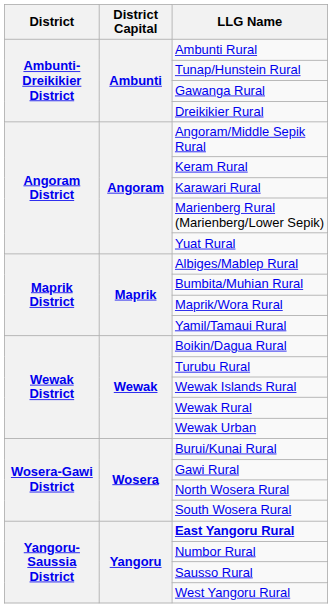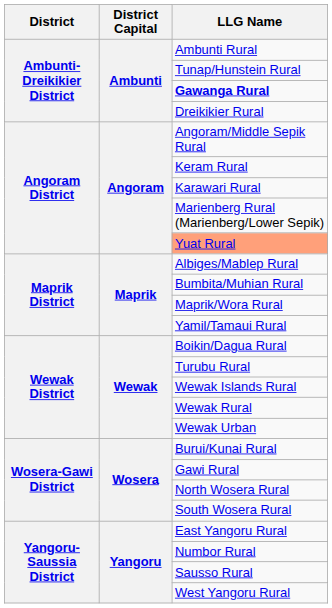 <table class="wikitable" style="text-align: left;" width="400">
 <tr>
 <th>District</th>
 <th>District Capital</th>
 <th>LLG Name</th>
 </tr>
 <tr>
 <th rowspan="4"><a href='#'>Ambunti-Dreikikier District</a></th>
 <th rowspan="4"><a href='#'>Ambunti</a></th>
 <td><a href='#'>Ambunti Rural</a></td>
 </tr>
 <tr>
 <td><a href='#'>Tunap/Hunstein Rural</a></td>
 </tr>
 <tr>
-<td><a href='#'>Gawanga Rural</a></td>
+<td><strong><a href='#'>Gawanga Rural</a></strong></td>
 </tr>
 <tr>
 <td><a href='#'>Dreikikier Rural</a></td>
 </tr>
 <tr>
 <th rowspan="5"><a href='#'>Angoram District</a></th>
 <th rowspan="5"><a href='#'>Angoram</a></th>
 <td><a href='#'>Angoram/Middle Sepik Rural</a></td>
 </tr>
 <tr>
 <td><a href='#'>Keram Rural</a></td>
 </tr>
 <tr>
 <td><a href='#'>Karawari Rural</a></td>
 </tr>
 <tr>
 <td><a href='#'>Marienberg Rural</a> (Marienberg/Lower Sepik)</td>
 </tr>
 <tr>
-<td><a href='#'>Yuat Rural</a></td>
+<td style="background: lightsalmon;"><a href='#'>Yuat Rural</a></td>
 </tr>
 <tr>
 <th rowspan="4"><a href='#'>Maprik District</a></th>
 <th rowspan="4"><a href='#'>Maprik</a></th>
 <td><a href='#'>Albiges/Mablep Rural</a></td>
 </tr>
 <tr>
 <td><a href='#'>Bumbita/Muhian Rural</a></td>
 </tr>
 <tr>
 <td><a href='#'>Maprik/Wora Rural</a></td>
 </tr>
 <tr>
 <td><a href='#'>Yamil/Tamaui Rural</a></td>
 </tr>
 <tr>
 <th rowspan="5"><a href='#'>Wewak District</a></th>
 <th rowspan="5"><a href='#'>Wewak</a></th>
 <td><a href='#'>Boikin/Dagua Rural</a></td>
 </tr>
 <tr>
 <td><a href='#'>Turubu Rural</a></td>
 </tr>
 <tr>
 <td><a href='#'>Wewak Islands Rural</a></td>
 </tr>
 <tr>
 <td><a href='#'>Wewak Rural</a></td>
 </tr>
 <tr>
 <td><a href='#'>Wewak Urban</a></td>
 </tr>
 <tr>
 <th rowspan="4"><a href='#'>Wosera-Gawi District</a></th>
 <th rowspan="4"><a href='#'>Wosera</a></th>
 <td><a href='#'>Burui/Kunai Rural</a></td>
 </tr>
 <tr>
 <td><a href='#'>Gawi Rural</a></td>
 </tr>
 <tr>
 <td><a href='#'>North Wosera Rural</a></td>
 </tr>
 <tr>
 <td><a href='#'>South Wosera Rural</a></td>
 </tr>
 <tr>
 <th rowspan="4"><a href='#'>Yangoru-Saussia District</a></th>
 <th rowspan="4"><a href='#'>Yangoru</a></th>
-<td><strong><a href='#'>East Yangoru Rural</a></strong></td>
+<td><a href='#'>East Yangoru Rural</a></td>
 </tr>
 <tr>
 <td><a href='#'>Numbor Rural</a></td>
 </tr>
 <tr>
 <td><a href='#'>Sausso Rural</a></td>
 </tr>
 <tr>
 <td><a href='#'>West Yangoru Rural</a></td>
 </tr>
 </table>
